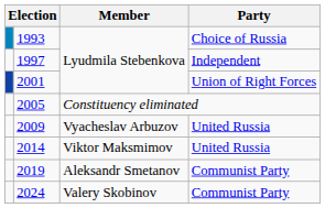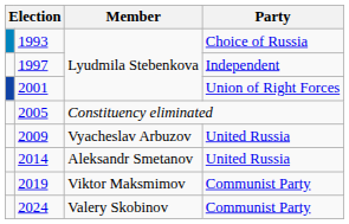 <table class="wikitable">
 <tr>
 <th colspan="2">Election</th>
 <th>Member</th>
 <th>Party</th>
 </tr>
 <tr>
 <td style="background-color:#0085BE"></td>
 <td><a href='#'>1993</a></td>
 <td rowspan=3>Lyudmila Stebenkova</td>
 <td><a href='#'>Choice of Russia</a></td>
 </tr>
 <tr>
 <td style="background-color:"></td>
 <td><a href='#'>1997</a></td>
 <td><a href='#'>Independent</a></td>
 </tr>
 <tr>
 <td style="background-color:#1042A5"></td>
 <td><a href='#'>2001</a></td>
 <td><a href='#'>Union of Right Forces</a></td>
 </tr>
 <tr>
 <td style="background-color:"></td>
 <td><a href='#'>2005</a></td>
 <td colspan=2><em>Constituency eliminated</em></td>
 </tr>
 <tr>
 <td style="background-color:"></td>
 <td><a href='#'>2009</a></td>
 <td>Vyacheslav Arbuzov</td>
 <td><a href='#'>United Russia</a></td>
 </tr>
 <tr>
 <td style="background-color:"></td>
 <td><a href='#'>2014</a></td>
-<td>Viktor Maksmimov</td>
+<td>Aleksandr Smetanov</td>
 <td><a href='#'>United Russia</a></td>
 </tr>
 <tr>
 <td style="background-color:"></td>
 <td><a href='#'>2019</a></td>
-<td>Aleksandr Smetanov</td>
+<td>Viktor Maksmimov</td>
 <td><a href='#'>Communist Party</a></td>
 </tr>
 <tr>
 <td style="background-color:"></td>
 <td><a href='#'>2024</a></td>
 <td>Valery Skobinov</td>
 <td><a href='#'>Communist Party</a></td>
 </tr>
 </table>
